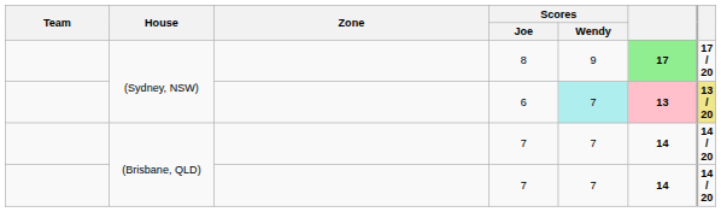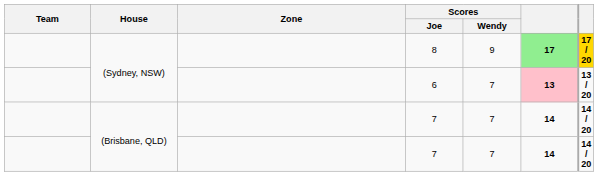 <table class="wikitable plainrowheaders" style="text-align:center; font-size:90%; width:65em;">
 <tr>
 <th rowspan="2">Team</th>
 <th rowspan="2">House</th>
 <th rowspan="2" style="width:40%;">Zone</th>
 <th colspan="2" style="width:30%;">Scores</th>
 <th rowspan="2" style="width:15%;"></th>
 <th rowspan="2" style="width:15%; border-left:3px solid #aaa;"></th>
 </tr>
 <tr>
 <th style="width:10%;">Joe</th>
 <th style="width:10%;">Wendy</th>
 </tr>
 <tr>
 <td style="width:15%;"></td>
 <td rowspan=2 style="width:15%;"><br>(Sydney, NSW)</td>
 <td></td>
 <td>8</td>
 <td>9</td>
 <td bgcolor="lightgreen"><strong>17</strong></td>
-<td style="border-left:3px solid #aaa;"><strong>17 / 20</strong></td>
+<td style="background: gold; border-left:3px solid #aaa;"><strong>17 / 20</strong></td>
 </tr>
 <tr>
 <td style="width:15%;"></td>
 <td></td>
 <td>6</td>
-<td style="background: paleturquoise;">7</td>
+<td>7</td>
 <td bgcolor="pink"><strong>13</strong></td>
-<td style="background: khaki; border-left:3px solid #aaa;"><strong>13 / 20</strong></td>
+<td style="border-left:3px solid #aaa;"><strong>13 / 20</strong></td>
 </tr>
 <tr>
 <td style="width:15%;"></td>
 <td rowspan=2 style="width:15%;"><br>(Brisbane, QLD)</td>
 <td></td>
 <td>7</td>
 <td>7</td>
 <td><strong>14</strong></td>
 <td style="border-left:3px solid #aaa;"><strong>14 / 20</strong></td>
 </tr>
 <tr>
 <td style="width:15%;"></td>
 <td></td>
 <td>7</td>
 <td>7</td>
 <td><strong>14</strong></td>
 <td style="border-left:3px solid #aaa;"><strong>14 / 20</strong></td>
 </tr>
 </table>
